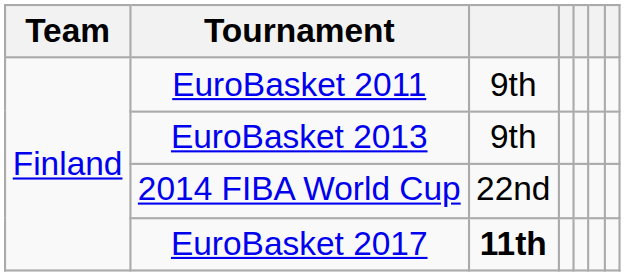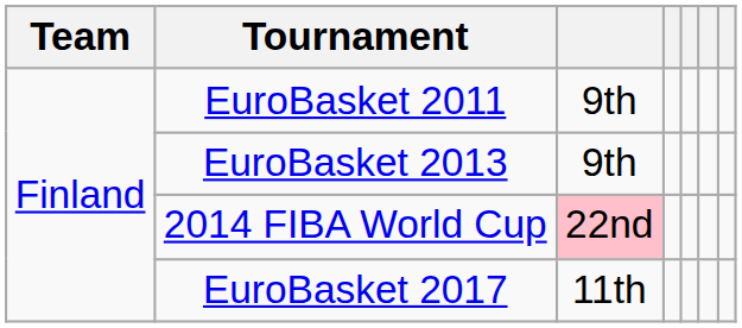 <table class="wikitable" style=" text-align:center;">
 <tr>
 <th>Team</th>
 <th>Tournament</th>
 <th></th>
 <th></th>
 <th></th>
 <th></th>
 <th></th>
 </tr>
 <tr>
 <td rowspan=4><a href='#'>Finland</a></td>
 <td><a href='#'>EuroBasket 2011</a></td>
 <td>9th</td>
 <td></td>
 <td></td>
 <td></td>
 <td></td>
 </tr>
 <tr>
 <td><a href='#'>EuroBasket 2013</a></td>
 <td>9th</td>
 <td></td>
 <td></td>
 <td></td>
 <td></td>
 </tr>
 <tr>
 <td><a href='#'>2014 FIBA World Cup</a></td>
-<td>22nd</td>
+<td style="background: pink;">22nd</td>
 <td></td>
 <td></td>
 <td></td>
 <td></td>
 </tr>
 <tr>
 <td><a href='#'>EuroBasket 2017</a></td>
-<td><strong>11th</strong></td>
+<td>11th</td>
 <td></td>
 <td></td>
 <td></td>
 <td></td>
 </tr>
 </table>
